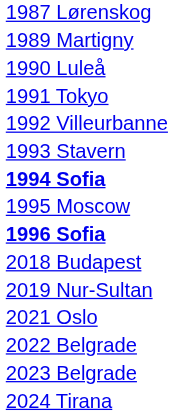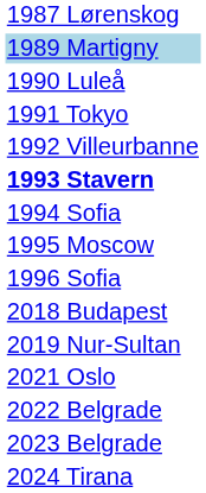 <table>
 <tr>
 <td><a href='#'>1987 Lørenskog</a></td>
 <td></td>
 <td></td>
 <td></td>
 </tr>
 <tr>
-<td><a href='#'>1989 Martigny</a></td>
+<td style="background: lightblue;"><a href='#'>1989 Martigny</a></td>
 <td></td>
 <td></td>
 <td></td>
 </tr>
 <tr>
 <td><a href='#'>1990 Luleå</a></td>
 <td></td>
 <td></td>
 <td></td>
 </tr>
 <tr>
 <td><a href='#'>1991 Tokyo</a></td>
 <td></td>
 <td></td>
 <td></td>
 </tr>
 <tr>
 <td><a href='#'>1992 Villeurbanne</a></td>
 <td></td>
 <td></td>
 <td></td>
 </tr>
 <tr>
-<td><a href='#'>1993 Stavern</a></td>
+<td><strong><a href='#'>1993 Stavern</a></strong></td>
 <td></td>
 <td></td>
 <td></td>
 </tr>
 <tr>
-<td><strong><a href='#'>1994 Sofia</a></strong></td>
+<td><a href='#'>1994 Sofia</a></td>
 <td></td>
 <td></td>
 <td></td>
 </tr>
 <tr>
 <td><a href='#'>1995 Moscow</a></td>
 <td></td>
 <td></td>
 <td></td>
 </tr>
 <tr>
-<td><strong><a href='#'>1996 Sofia</a></strong></td>
+<td><a href='#'>1996 Sofia</a></td>
 <td></td>
 <td></td>
 <td></td>
 </tr>
 <tr>
 <td rowspan=2><a href='#'>2018 Budapest</a></td>
 <td rowspan=2></td>
 <td rowspan=2></td>
 <td></td>
 </tr>
 <tr>
 <td></td>
 </tr>
 <tr>
 <td rowspan=2><a href='#'>2019 Nur-Sultan</a></td>
 <td rowspan=2></td>
 <td rowspan=2></td>
 <td></td>
 </tr>
 <tr>
 <td></td>
 </tr>
 <tr>
 <td rowspan=2><a href='#'>2021 Oslo</a></td>
 <td rowspan=2></td>
 <td rowspan=2></td>
 <td></td>
 </tr>
 <tr>
 <td></td>
 </tr>
 <tr>
 <td rowspan=2><a href='#'>2022 Belgrade</a></td>
 <td rowspan=2></td>
 <td rowspan=2></td>
 <td></td>
 </tr>
 <tr>
 <td></td>
 </tr>
 <tr>
 <td rowspan=2><a href='#'>2023 Belgrade</a></td>
 <td rowspan=2></td>
 <td rowspan=2></td>
 <td></td>
 </tr>
 <tr>
 <td></td>
 </tr>
 <tr>
 <td rowspan=2><a href='#'>2024 Tirana</a></td>
 <td rowspan=2></td>
 <td rowspan=2></td>
 <td></td>
 </tr>
 <tr>
 <td></td>
 </tr>
 </table>
